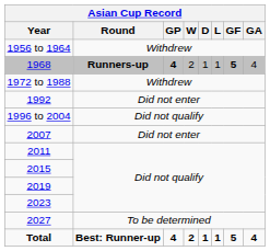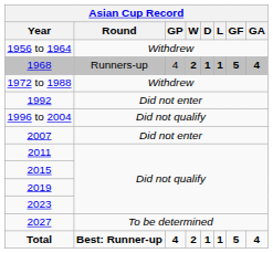 <table class="wikitable" style="text-align: center;font-size:100%;">
 <tr>
 <th colspan=8><a href='#'>Asian Cup Record</a></th>
 </tr>
 <tr>
 <th>Year</th>
 <th>Round</th>
 <th>GP</th>
 <th>W</th>
 <th>D</th>
 <th>L</th>
 <th>GF</th>
 <th>GA</th>
 </tr>
 <tr>
 <td> <a href='#'>1956</a> to  <a href='#'>1964</a></td>
 <td rowspan="1" colspan="7"><em>Withdrew</em></td>
 </tr>
 <tr style="background:Silver;">
 <td> <a href='#'>1968</a></td>
-<td><strong>Runners-up</strong></td>
+<td>Runners-up</td>
+<td>4</td>
+<td><strong>2</strong></td>
+<td><strong>1</strong></td>
+<td><strong>1</strong></td>
+<td><strong>5</strong></td>
 <td><strong>4</strong></td>
-<td>2</td>
-<td>1</td>
-<td>1</td>
-<td><strong>5</strong></td>
-<td>4</td>
 </tr>
 <tr>
 <td> <a href='#'>1972</a> to  <a href='#'>1988</a></td>
 <td rowspan="1" colspan="7"><em>Withdrew</em></td>
 </tr>
 <tr>
 <td> <a href='#'>1992</a></td>
 <td rowspan="1" colspan="7"><em>Did not enter</em></td>
 </tr>
 <tr>
 <td> <a href='#'>1996</a> to  <a href='#'>2004</a></td>
 <td rowspan="1" colspan="7"><em>Did not qualify</em></td>
 </tr>
 <tr>
 <td>    <a href='#'>2007</a></td>
 <td rowspan="1" colspan="7"><em>Did not enter</em></td>
 </tr>
 <tr>
 <td> <a href='#'>2011</a></td>
 <td rowspan="4" colspan="7"><em>Did not qualify</em></td>
 </tr>
 <tr>
 <td> <a href='#'>2015</a></td>
 </tr>
 <tr>
 <td> <a href='#'>2019</a></td>
 </tr>
 <tr>
 <td> <a href='#'>2023</a></td>
 </tr>
 <tr>
 <td> <a href='#'>2027</a></td>
 <td colspan="7"><em>To be determined</em></td>
 </tr>
 <tr>
 <td><strong>Total</strong></td>
 <td><strong>Best: Runner-up</strong></td>
 <td><strong>4</strong></td>
 <td><strong>2</strong></td>
 <td><strong>1</strong></td>
 <td><strong>1</strong></td>
 <td><strong>5</strong></td>
 <td><strong>4</strong></td>
 </tr>
 </table>
